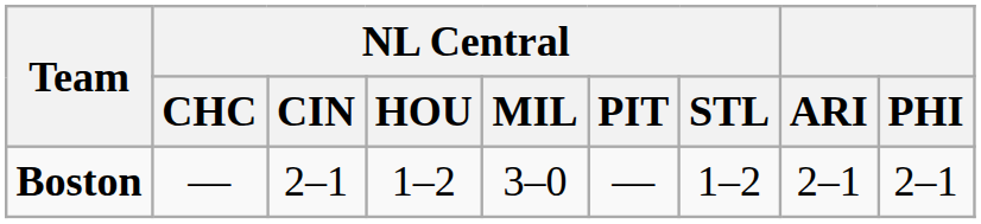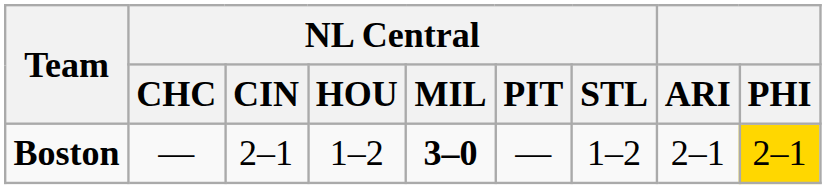 <table class="wikitable" style="text-align:center; font-size: 95%;">
 <tr>
 <th rowspan=2>Team</th>
 <th colspan=6>NL Central</th>
 <th colspan=2> </th>
 </tr>
 <tr>
 <th><strong>CHC</strong></th>
 <th><strong>CIN</strong></th>
 <th><strong>HOU</strong></th>
 <th><strong>MIL</strong></th>
 <th><strong>PIT</strong></th>
 <th><strong>STL</strong></th>
 <th><strong>ARI</strong></th>
 <th><strong>PHI</strong></th>
 </tr>
 <tr>
 <td><strong>Boston</strong></td>
 <td>—</td>
 <td>2–1</td>
 <td>1–2</td>
-<td>3–0</td>
+<td><strong>3–0</strong></td>
 <td>—</td>
 <td>1–2</td>
 <td>2–1</td>
-<td>2–1</td>
+<td style="background: gold;">2–1</td>
 </tr>
 </table>
